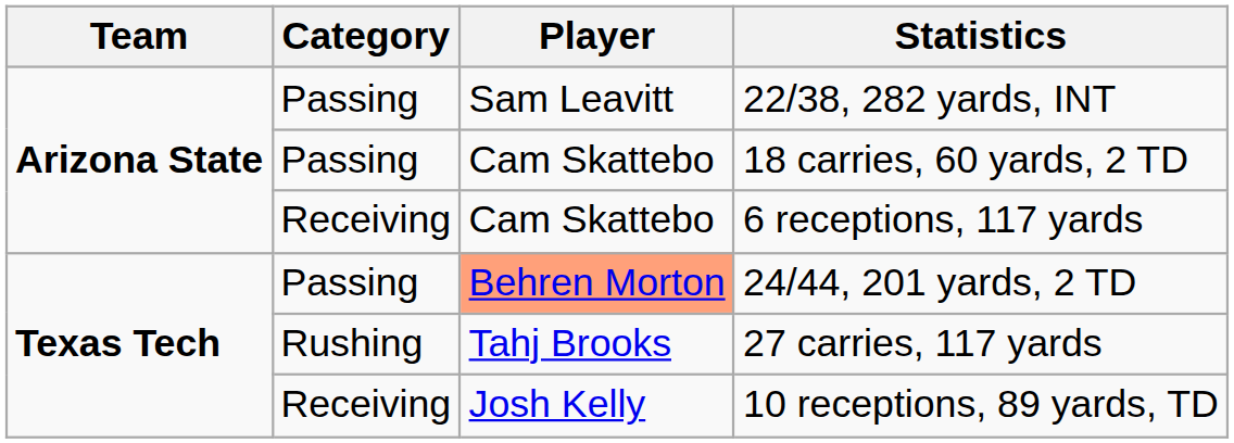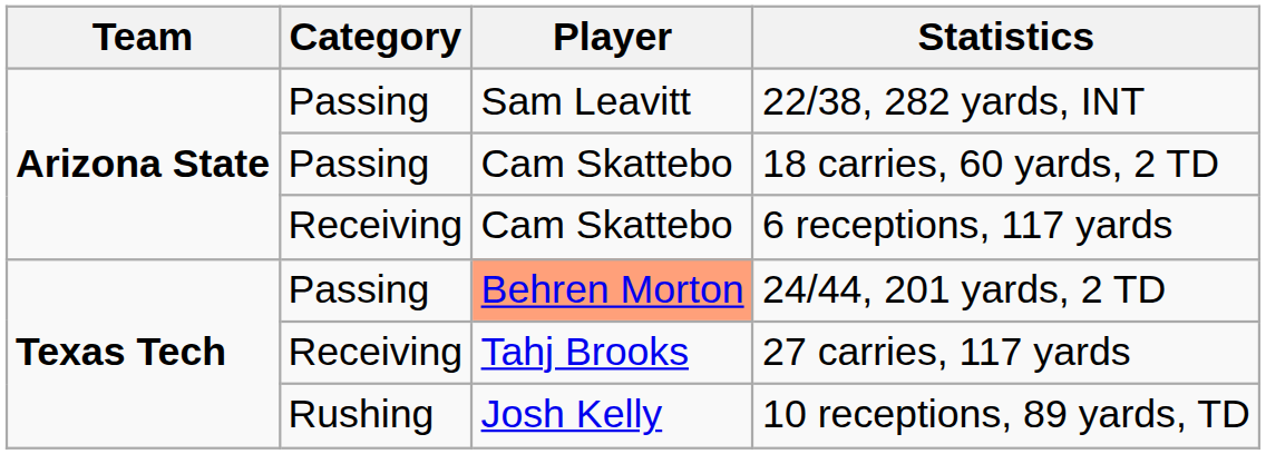 <table class="wikitable" style="float: right;">
 <tr>
 <th>Team</th>
 <th>Category</th>
 <th>Player</th>
 <th>Statistics</th>
 </tr>
 <tr>
 <td rowspan=3><strong>Arizona State</strong></td>
 <td>Passing</td>
 <td>Sam Leavitt</td>
 <td>22/38, 282 yards, INT</td>
 </tr>
 <tr>
 <td>Passing</td>
 <td>Cam Skattebo</td>
 <td>18 carries, 60 yards, 2 TD</td>
 </tr>
 <tr>
 <td>Receiving</td>
 <td>Cam Skattebo</td>
 <td>6 receptions, 117 yards</td>
 </tr>
 <tr>
 <td rowspan=3><strong>Texas Tech</strong></td>
 <td>Passing</td>
 <td style="background: lightsalmon;"><a href='#'>Behren Morton</a></td>
 <td>24/44, 201 yards, 2 TD</td>
 </tr>
 <tr>
-<td>Rushing</td>
+<td>Receiving</td>
 <td><a href='#'>Tahj Brooks</a></td>
 <td>27 carries, 117 yards</td>
 </tr>
 <tr>
-<td>Receiving</td>
+<td>Rushing</td>
 <td><a href='#'>Josh Kelly</a></td>
 <td>10 receptions, 89 yards, TD</td>
 </tr>
 </table>
